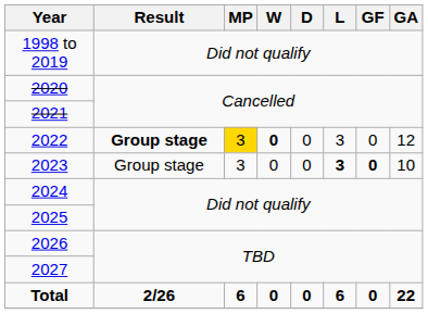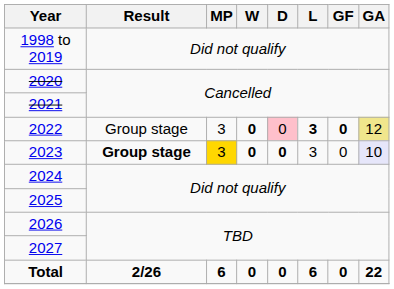 <table class="wikitable" style="text-align: center;">
 <tr>
 <th width=80>Year</th>
 <th width=120>Result</th>
 <th width=25>MP</th>
 <th width=25>W</th>
 <th width=25>D</th>
 <th width=25>L</th>
 <th width=25>GF</th>
 <th width=25>GA</th>
 </tr>
 <tr>
 <td><a href='#'>1998</a> to <a href='#'>2019</a></td>
 <td colspan=7><em>Did not qualify</em></td>
 </tr>
 <tr>
 <td> <s><a href='#'>2020</a></s></td>
 <td colspan=7 rowspan=2><em>Cancelled</em></td>
 </tr>
 <tr>
 <td> <s><a href='#'>2021</a></s></td>
 </tr>
 <tr>
 <td> <a href='#'>2022</a></td>
+<td>Group stage</td>
+<td>3</td>
+<td><strong>0</strong></td>
+<td style="background: pink;">0</td>
+<td><strong>3</strong></td>
+<td><strong>0</strong></td>
+<td style="background: khaki;">12</td>
+</tr>
+<tr>
+<td> <a href='#'>2023</a></td>
 <td><strong>Group stage</strong></td>
 <td style="background: gold;">3</td>
 <td><strong>0</strong></td>
-<td>0</td>
+<td><strong>0</strong></td>
 <td>3</td>
 <td>0</td>
-<td>12</td>
-</tr>
-<tr>
-<td> <a href='#'>2023</a></td>
-<td>Group stage</td>
-<td>3</td>
-<td>0</td>
-<td>0</td>
-<td><strong>3</strong></td>
-<td><strong>0</strong></td>
-<td>10</td>
+<td style="background: lavender;">10</td>
 </tr>
 <tr>
 <td> <a href='#'>2024</a></td>
 <td colspan=7 rowspan=2><em>Did not qualify</em></td>
 </tr>
 <tr>
 <td> <a href='#'>2025</a></td>
 </tr>
 <tr>
 <td> <a href='#'>2026</a></td>
 <td colspan=7 rowspan=2><em>TBD</em></td>
 </tr>
 <tr>
 <td> <a href='#'>2027</a></td>
 </tr>
 <tr>
 <td><strong>Total</strong></td>
 <td><strong>2/26</strong></td>
 <td><strong>6</strong></td>
 <td><strong>0</strong></td>
 <td><strong>0</strong></td>
 <td><strong>6</strong></td>
 <td><strong>0</strong></td>
 <td><strong>22</strong></td>
 </tr>
 <tr>
 </tr>
 </table>
